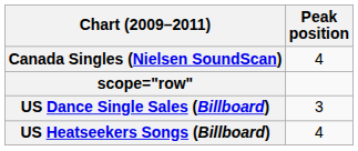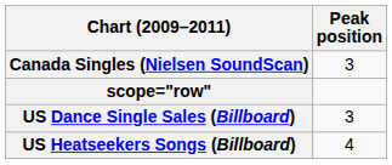 <table class="wikitable plainrowheaders sortable" style="text-align:center;">
 <tr>
 <th>Chart (2009–2011)</th>
 <th>Peak<br>position</th>
 </tr>
 <tr>
 <th scope="row">Canada Singles (<a href='#'>Nielsen SoundScan</a>)</th>
-<td style="text-align:center">4</td>
+<td style="text-align:center">3</td>
 </tr>
 <tr>
 <th>scope="row" </th>
 </tr>
 <tr>
 <th scope="row">US <a href='#'>Dance Single Sales</a> (<em><a href='#'>Billboard</a></em>)</th>
 <td>3</td>
 </tr>
 <tr>
 <th scope="row">US <a href='#'>Heatseekers Songs</a> (<em>Billboard</em>)</th>
 <td>4</td>
 </tr>
 </table>
